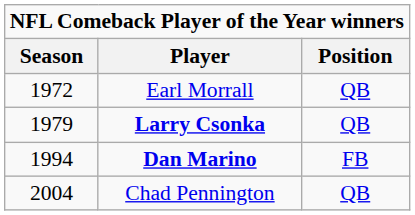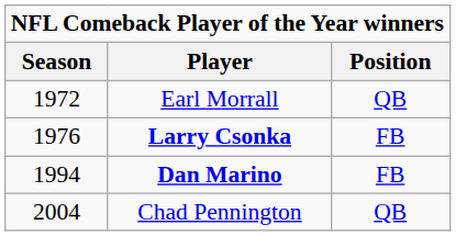 <table class="wikitable" style="text-align:center">
 <tr>
 <td colspan="3"><strong>NFL Comeback Player of the Year winners</strong></td>
 </tr>
 <tr>
 <th>Season</th>
 <th>Player</th>
 <th>Position</th>
 </tr>
 <tr>
 <td>1972</td>
 <td><a href='#'>Earl Morrall</a></td>
 <td><a href='#'>QB</a></td>
 </tr>
 <tr>
-<td>1979</td>
+<td>1976</td>
 <td><strong><a href='#'>Larry Csonka</a></strong></td>
-<td><a href='#'>QB</a></td>
+<td><a href='#'>FB</a></td>
 </tr>
 <tr>
 <td>1994</td>
 <td><strong><a href='#'>Dan Marino</a></strong></td>
 <td><a href='#'>FB</a></td>
 </tr>
 <tr>
 <td>2004</td>
 <td><a href='#'>Chad Pennington</a></td>
 <td><a href='#'>QB</a></td>
 </tr>
 </table>
